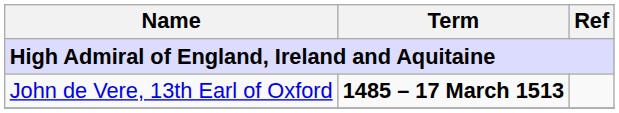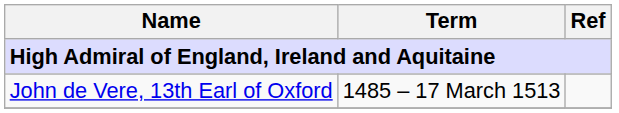 <table class="wikitable">
 <tr>
 <th>Name</th>
 <th>Term</th>
 <th>Ref</th>
 </tr>
 <tr>
 <td colspan="6" align="left" style="background:#dcdcfe;"><strong>High Admiral of England, Ireland and Aquitaine</strong> </td>
 </tr>
 <tr>
 <td><a href='#'>John de Vere, 13th Earl of Oxford</a></td>
-<td><strong>1485 – 17 March 1513</strong></td>
+<td>1485 – 17 March 1513</td>
 <td></td>
 </tr>
 <tr>
 </tr>
 </table>
